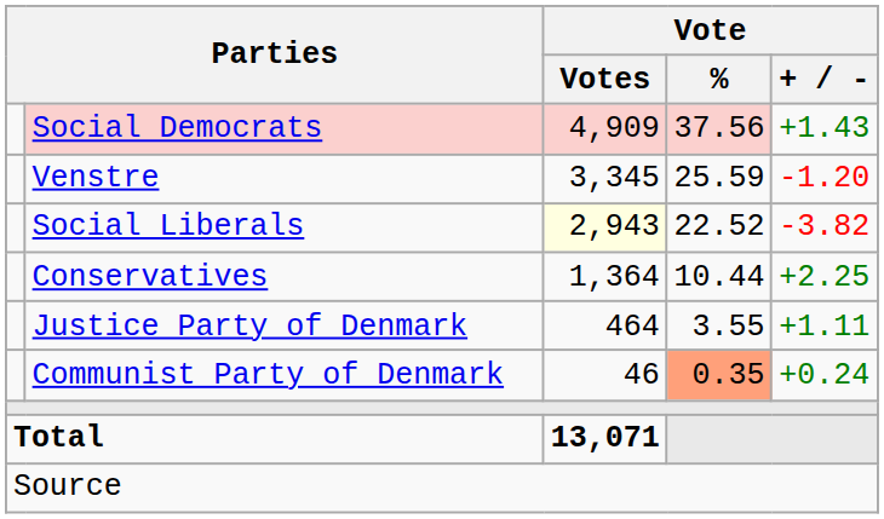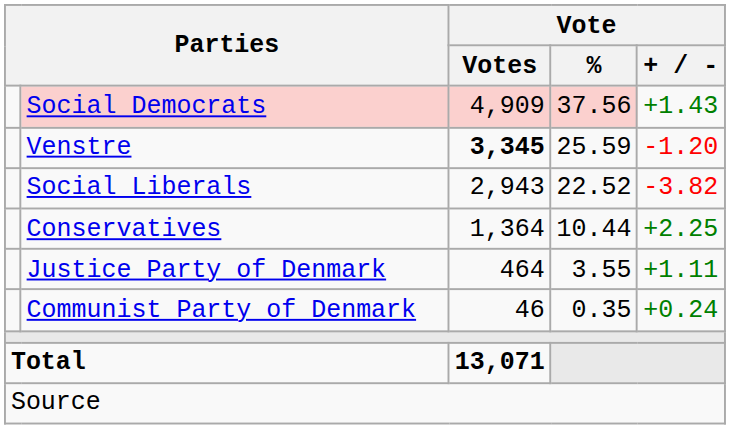 <table class="wikitable" style="text-align:right;">
 <tr>
 <th style="text-align:centre;" rowspan="2" colspan="2" width="225">Parties</th>
 <th colspan="3">Vote</th>
 </tr>
 <tr>
 <th width="15">Votes</th>
 <th width="15">%</th>
 <th width="15">+ / -</th>
 </tr>
 <tr>
 <td width="2" style="color:inherit;background:"></td>
 <td bgcolor=#fbd0ce  align="left"><a href='#'>Social Democrats</a></td>
 <td bgcolor=#fbd0ce>4,909</td>
 <td bgcolor=#fbd0ce>37.56</td>
 <td style=color:green;>+1.43</td>
 </tr>
 <tr>
 <td width="2" style="color:inherit;background:"></td>
 <td align="left"><a href='#'>Venstre</a></td>
-<td>3,345</td>
+<td><strong>3,345</strong></td>
 <td>25.59</td>
 <td style=color:red;>-1.20</td>
 </tr>
 <tr>
 <td width="2" style="color:inherit;background:"></td>
 <td align="left"><a href='#'>Social Liberals</a></td>
-<td style="background: lightyellow;">2,943</td>
+<td>2,943</td>
 <td>22.52</td>
 <td style=color:red;>-3.82</td>
 </tr>
 <tr>
 <td width="2" style="color:inherit;background:"></td>
 <td align="left"><a href='#'>Conservatives</a></td>
 <td>1,364</td>
 <td>10.44</td>
 <td style=color:green;>+2.25</td>
 </tr>
 <tr>
 <td width="2" style="color:inherit;background:"></td>
 <td align="left"><a href='#'>Justice Party of Denmark</a></td>
 <td>464</td>
 <td>3.55</td>
 <td style=color:green;>+1.11</td>
 </tr>
 <tr>
 <td width="2" style="color:inherit;background:"></td>
 <td align="left"><a href='#'>Communist Party of Denmark</a></td>
 <td>46</td>
-<td style="background: lightsalmon;">0.35</td>
+<td>0.35</td>
 <td style=color:green;>+0.24</td>
 </tr>
 <tr>
 <td colspan="7" bgcolor="#E9E9E9"></td>
 </tr>
 <tr>
 <td align="left" colspan="2"><strong>Total</strong></td>
 <td><strong>13,071</strong></td>
 <td bgcolor="#E9E9E9" colspan="2"></td>
 </tr>
 <tr>
 <td align="left" colspan="6">Source</td>
 </tr>
 </table>
